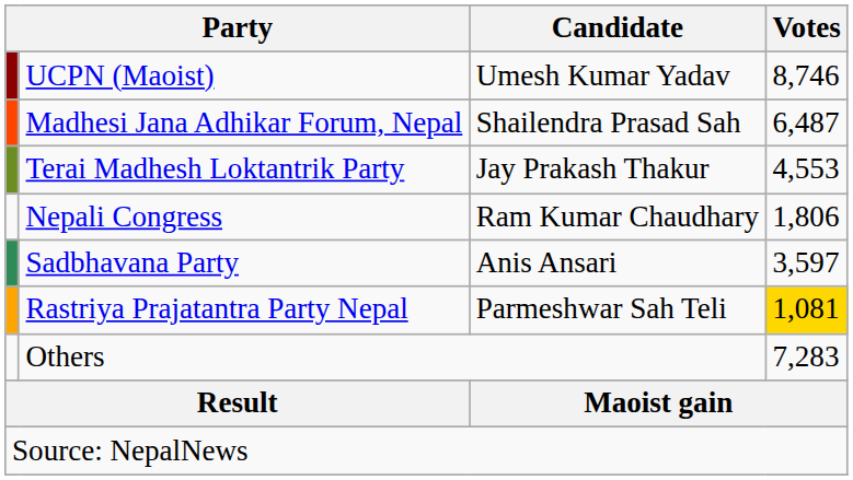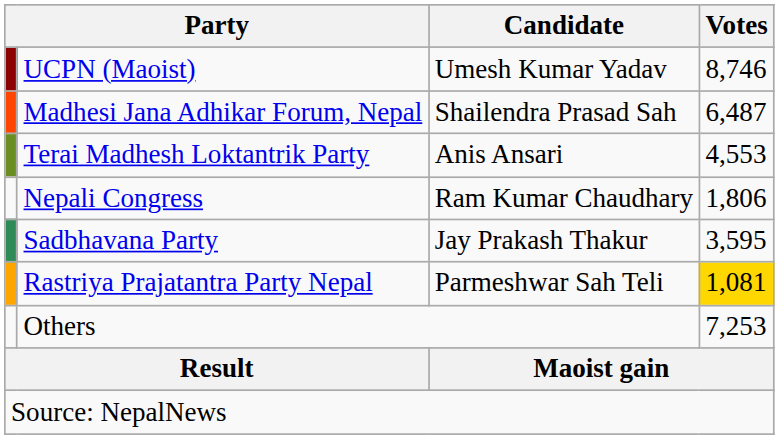 <table class="wikitable">
 <tr>
 <th colspan="2">Party</th>
 <th>Candidate</th>
 <th>Votes</th>
 </tr>
 <tr>
 <td style="background-color:darkred"></td>
 <td><a href='#'>UCPN (Maoist)</a></td>
 <td>Umesh Kumar Yadav</td>
 <td>8,746</td>
 </tr>
 <tr>
 <td style="background-color:orangered"></td>
 <td><a href='#'>Madhesi Jana Adhikar Forum, Nepal</a></td>
 <td>Shailendra Prasad Sah</td>
 <td>6,487</td>
 </tr>
 <tr>
 <td style="background-color:olivedrab"></td>
 <td><a href='#'>Terai Madhesh Loktantrik Party</a></td>
-<td>Jay Prakash Thakur</td>
+<td>Anis Ansari</td>
 <td>4,553</td>
 </tr>
 <tr>
 <td style="background-color:"></td>
 <td><a href='#'>Nepali Congress</a></td>
 <td>Ram Kumar Chaudhary</td>
 <td>1,806</td>
 </tr>
 <tr>
 <td style="background-color:seagreen"></td>
 <td><a href='#'>Sadbhavana Party</a></td>
-<td>Anis Ansari</td>
-<td>3,597</td>
+<td>Jay Prakash Thakur</td>
+<td>3,595</td>
 </tr>
 <tr>
 <td style="background-color:orange"></td>
 <td><a href='#'>Rastriya Prajatantra Party Nepal</a></td>
 <td>Parmeshwar Sah Teli</td>
 <td style="background: gold;">1,081</td>
 </tr>
 <tr>
 <td></td>
 <td colspan="2">Others</td>
-<td>7,283</td>
+<td>7,253</td>
 </tr>
 <tr>
 <th colspan="2">Result</th>
 <th colspan="2">Maoist gain</th>
 </tr>
 <tr>
 <td colspan="4">Source: NepalNews</td>
 </tr>
 </table>
